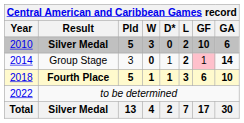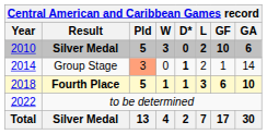 <table class="wikitable" style="text-align: center;">
 <tr>
 <th colspan=8><a href='#'>Central American and Caribbean Games</a> record</th>
 </tr>
 <tr>
 <th>Year</th>
 <th>Result</th>
 <th>Pld</th>
 <th>W</th>
 <th>D*</th>
 <th>L</th>
 <th>GF</th>
 <th>GA</th>
 </tr>
 <tr bgcolor=silver>
 <td> <a href='#'>2010</a></td>
 <td><strong>Silver Medal</strong></td>
 <td><strong>5</strong></td>
 <td><strong>3</strong></td>
 <td><strong>0</strong></td>
 <td><strong>2</strong></td>
 <td><strong>10</strong></td>
 <td><strong>6</strong></td>
 </tr>
 <tr>
 <td> <a href='#'>2014</a></td>
 <td>Group Stage</td>
-<td>3</td>
-<td><strong>0</strong></td>
+<td style="background: lightsalmon;">3</td>
+<td>0</td>
+<td><strong>1</strong></td>
+<td>2</td>
 <td>1</td>
-<td><strong>2</strong></td>
-<td style="background: pink;">1</td>
-<td><strong>14</strong></td>
+<td>14</td>
 </tr>
 <tr bgcolor=LemonChiffon>
 <td> <a href='#'>2018</a></td>
 <td><strong>Fourth Place</strong></td>
 <td><strong>5</strong></td>
 <td><strong>1</strong></td>
 <td><strong>1</strong></td>
 <td><strong>3</strong></td>
 <td><strong>6</strong></td>
 <td><strong>10</strong></td>
 </tr>
 <tr>
 <td> <a href='#'>2022</a></td>
 <td colspan=8><em>to be determined</em></td>
 </tr>
 <tr>
 <th>Total</th>
 <th>Silver Medal</th>
 <th>13</th>
 <th>4</th>
 <th>2</th>
 <th>7</th>
 <th>17</th>
 <th>30</th>
 </tr>
 </table>
